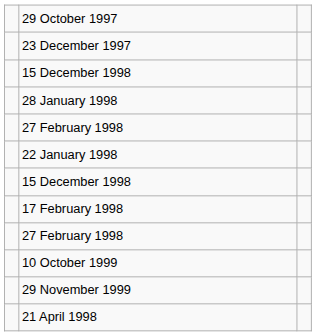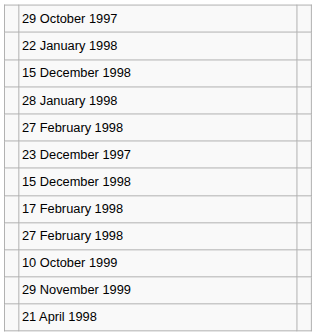 <table class="wikitable" style="font-size: 89%; float: left; width: 24em; margin-right: 1em; line-height: 1.65em !important; height: 300 px;">
 <tr>
 <td></td>
 <td>29 October 1997</td>
 <td></td>
 </tr>
 <tr>
 <td></td>
-<td>23 December 1997</td>
+<td>22 January 1998</td>
 <td></td>
 </tr>
 <tr>
 <td></td>
 <td>15 December 1998</td>
 <td></td>
 </tr>
 <tr>
 <td></td>
 <td>28 January 1998</td>
 <td></td>
 </tr>
 <tr>
 <td></td>
 <td>27 February 1998</td>
 <td></td>
 </tr>
 <tr>
 <td></td>
-<td>22 January 1998</td>
+<td>23 December 1997</td>
 <td></td>
 </tr>
 <tr>
 <td></td>
 <td>15 December 1998</td>
 <td></td>
 </tr>
 <tr>
 <td></td>
 <td>17 February 1998</td>
 <td></td>
 </tr>
 <tr>
 <td></td>
 <td>27 February 1998</td>
 <td></td>
 </tr>
 <tr>
 <td></td>
 <td>10 October 1999</td>
 <td></td>
 </tr>
 <tr>
 <td></td>
 <td>29 November 1999</td>
 <td></td>
 </tr>
 <tr>
 <td></td>
 <td>21 April 1998</td>
 <td></td>
 </tr>
 </table>
